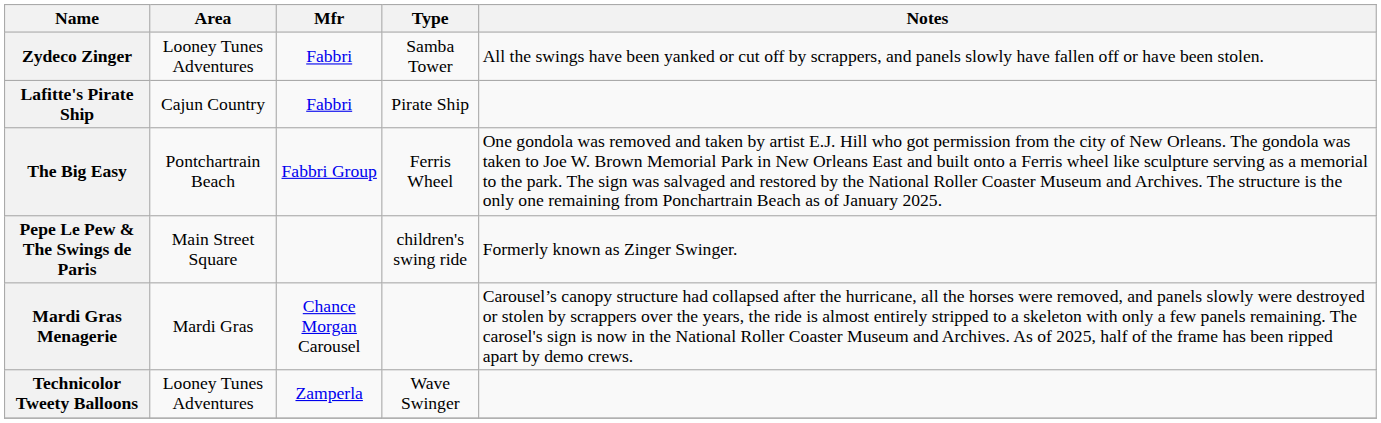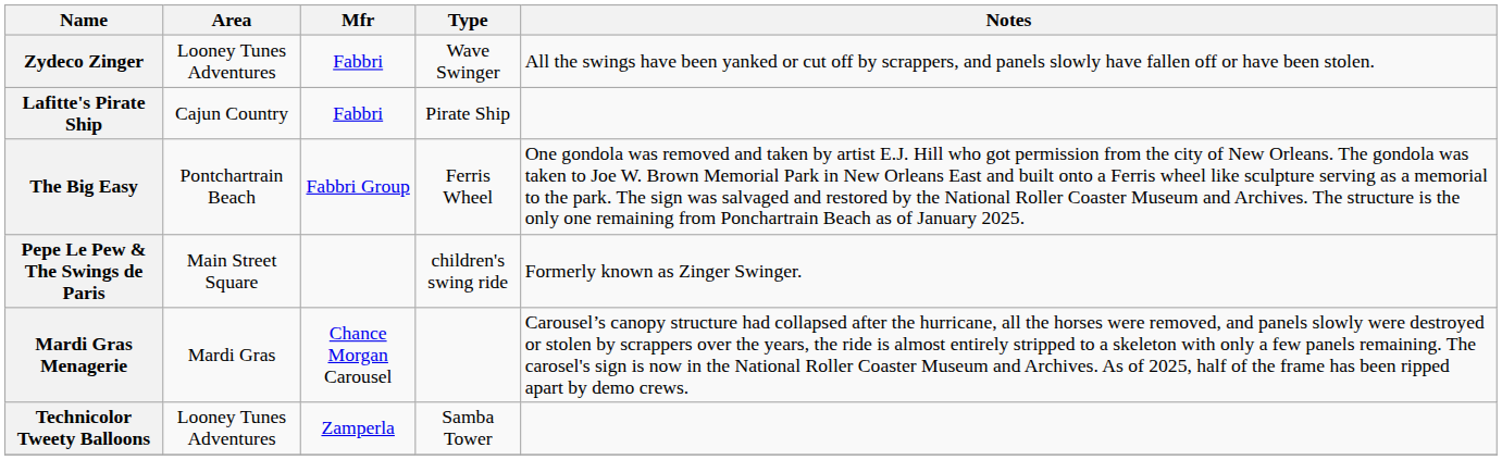 <table class="wikitable sortable" style="text-align:center;font-size:100%;">
 <tr>
 <th>Name</th>
 <th>Area</th>
 <th>Mfr</th>
 <th>Type</th>
 <th class="unsortable">Notes</th>
 </tr>
 <tr>
 <th>Zydeco Zinger</th>
 <td>Looney Tunes Adventures</td>
 <td><a href='#'>Fabbri</a></td>
-<td>Samba Tower</td>
+<td>Wave Swinger</td>
 <td style="text-align:left;”">All the swings have been yanked or cut off by scrappers, and panels slowly have fallen off or have been stolen.</td>
 </tr>
 <tr>
 <th>Lafitte's Pirate Ship</th>
 <td>Cajun Country</td>
 <td><a href='#'>Fabbri</a></td>
 <td>Pirate Ship</td>
 <td style="text-align:left;"></td>
 </tr>
 <tr>
 <th>The Big Easy</th>
 <td>Pontchartrain Beach</td>
 <td><a href='#'>Fabbri Group</a></td>
 <td>Ferris Wheel</td>
 <td style="text-align:left;”">One gondola was removed and taken by artist E.J. Hill who got permission from the city of New Orleans. The gondola was taken to Joe W. Brown Memorial Park in New Orleans East and built onto a Ferris wheel like sculpture serving as a memorial to the park. The sign was salvaged and restored by the National Roller Coaster Museum and Archives. The structure is the only one remaining from Ponchartrain Beach as of January 2025.</td>
 </tr>
 <tr>
 <th>Pepe Le Pew & The Swings de Paris</th>
 <td>Main Street Square</td>
 <td></td>
 <td>children's swing ride</td>
 <td style="text-align:left;">Formerly known as Zinger Swinger.</td>
 </tr>
 <tr>
 <th>Mardi Gras Menagerie</th>
 <td>Mardi Gras</td>
 <td><a href='#'>Chance Morgan</a> Carousel</td>
 <td></td>
 <td style="text-align:left;”">Carousel’s canopy structure had collapsed after the hurricane, all the horses were removed, and panels slowly were destroyed or stolen by scrappers over the years, the ride is almost entirely stripped to a skeleton with only a few panels remaining. The carosel's sign is now in the National Roller Coaster Museum and Archives. As of 2025, half of the frame has been ripped apart by demo crews.</td>
 </tr>
 <tr>
 <th>Technicolor Tweety Balloons</th>
 <td>Looney Tunes Adventures</td>
 <td><a href='#'>Zamperla</a></td>
-<td>Wave Swinger</td>
+<td>Samba Tower</td>
 <td style="text-align:left;"></td>
 </tr>
 <tr>
 </tr>
 </table>
